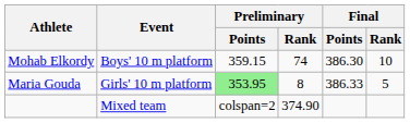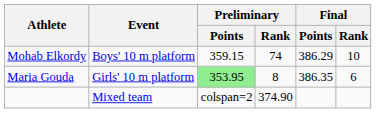 <table class="wikitable" style="font-size:90%;">
 <tr>
 <th rowspan=2>Athlete</th>
 <th rowspan=2>Event</th>
 <th colspan=2>Preliminary</th>
 <th colspan=2>Final</th>
 </tr>
 <tr>
 <th>Points</th>
 <th>Rank</th>
 <th>Points</th>
 <th>Rank</th>
 </tr>
 <tr align=center>
 <td align=left><a href='#'>Mohab Elkordy</a></td>
 <td align=left><a href='#'>Boys' 10 m platform</a></td>
 <td>359.15</td>
 <td>74</td>
-<td>386.30</td>
+<td>386.29</td>
 <td>10</td>
 </tr>
 <tr align=center>
 <td align=left><a href='#'>Maria Gouda</a></td>
 <td align=left><a href='#'>Girls' 10 m platform</a></td>
 <td style="background: lightgreen;">353.95</td>
 <td>8</td>
-<td>386.33</td>
-<td>5</td>
+<td>386.35</td>
+<td>6</td>
 </tr>
 <tr align=center>
 <td align=left><br></td>
 <td align=left><a href='#'>Mixed team</a></td>
 <td>colspan=2 </td>
 <td>374.90</td>
 <td></td>
 </tr>
 </table>
